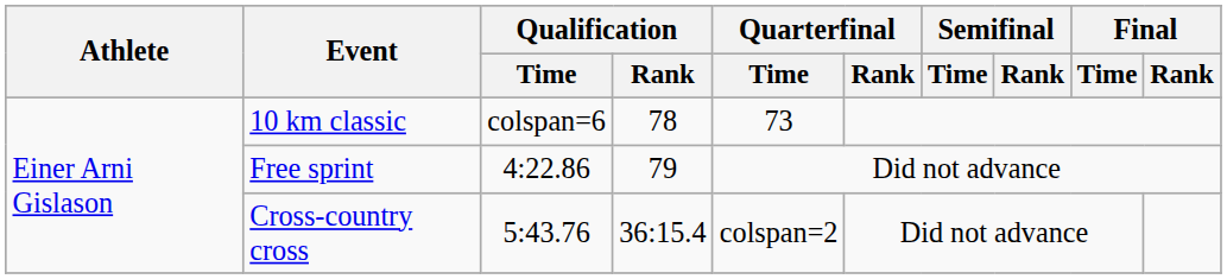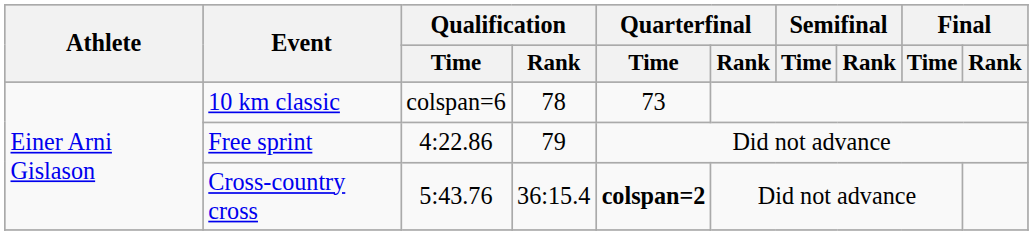 <table class="wikitable" style="font-size:90%">
 <tr>
 <th rowspan="2">Athlete</th>
 <th rowspan="2">Event</th>
 <th colspan="2">Qualification</th>
 <th colspan="2">Quarterfinal</th>
 <th colspan="2">Semifinal</th>
 <th colspan="2">Final</th>
 </tr>
 <tr style="font-size:95%">
 <th>Time</th>
 <th>Rank</th>
 <th>Time</th>
 <th>Rank</th>
 <th>Time</th>
 <th>Rank</th>
 <th>Time</th>
 <th>Rank</th>
 </tr>
 <tr align=center>
 <td align=left rowspan=3><a href='#'>Einer Arni Gislason</a></td>
 <td align=left><a href='#'>10 km classic</a></td>
 <td>colspan=6 </td>
 <td>78</td>
 <td>73</td>
 </tr>
 <tr align=center>
 <td align=left><a href='#'>Free sprint</a></td>
 <td>4:22.86</td>
 <td>79</td>
 <td colspan=6>Did not advance</td>
 </tr>
 <tr align=center>
 <td align=left><a href='#'>Cross-country cross</a></td>
 <td>5:43.76</td>
 <td>36:15.4</td>
-<td>colspan=2 </td>
+<td><strong>colspan=2 </strong></td>
 <td colspan=4>Did not advance</td>
 </tr>
 </table>
